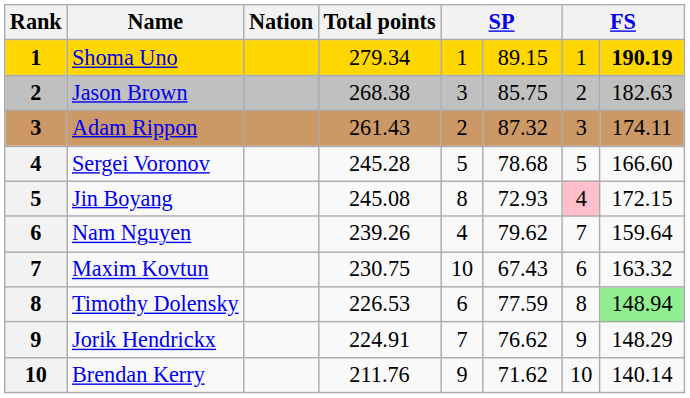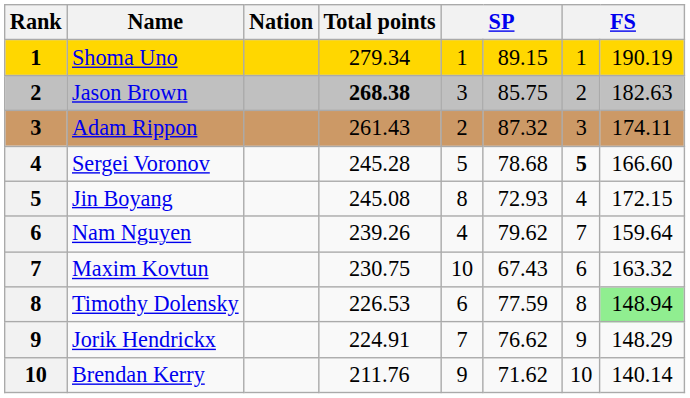 <table class="wikitable sortable">
 <tr>
 <th>Rank</th>
 <th>Name</th>
 <th>Nation</th>
 <th>Total points</th>
 <th colspan="2" width="80px"><a href='#'>SP</a></th>
 <th colspan="2" width="80px"><a href='#'>FS</a></th>
 </tr>
 <tr bgcolor="gold">
 <td align="center"><strong>1</strong></td>
 <td><a href='#'>Shoma Uno</a></td>
 <td></td>
 <td align="center">279.34</td>
 <td align="center">1</td>
 <td align="center">89.15</td>
 <td align="center">1</td>
-<td align="center"><strong>190.19</strong></td>
+<td align="center">190.19</td>
 </tr>
 <tr bgcolor="silver">
 <td align="center"><strong>2</strong></td>
 <td><a href='#'>Jason Brown</a></td>
 <td></td>
-<td align="center">268.38</td>
+<td align="center"><strong>268.38</strong></td>
 <td align="center">3</td>
 <td align="center">85.75</td>
 <td align="center">2</td>
 <td align="center">182.63</td>
 </tr>
 <tr bgcolor="cc9966">
 <td align="center"><strong>3</strong></td>
 <td><a href='#'>Adam Rippon</a></td>
 <td></td>
 <td align="center">261.43</td>
 <td align="center">2</td>
 <td align="center">87.32</td>
 <td align="center">3</td>
 <td align="center">174.11</td>
 </tr>
 <tr>
 <th>4</th>
 <td><a href='#'>Sergei Voronov</a></td>
 <td></td>
 <td align="center">245.28</td>
 <td align="center">5</td>
 <td align="center">78.68</td>
-<td align="center">5</td>
+<td align="center"><strong>5</strong></td>
 <td align="center">166.60</td>
 </tr>
 <tr>
 <th>5</th>
 <td><a href='#'>Jin Boyang</a></td>
 <td></td>
 <td align="center">245.08</td>
 <td align="center">8</td>
 <td align="center">72.93</td>
-<td align="center" style="background: pink;">4</td>
+<td align="center">4</td>
 <td align="center">172.15</td>
 </tr>
 <tr>
 <th>6</th>
 <td><a href='#'>Nam Nguyen</a></td>
 <td></td>
 <td align="center">239.26</td>
 <td align="center">4</td>
 <td align="center">79.62</td>
 <td align="center">7</td>
 <td align="center">159.64</td>
 </tr>
 <tr>
 <th>7</th>
 <td><a href='#'>Maxim Kovtun</a></td>
 <td></td>
 <td align="center">230.75</td>
 <td align="center">10</td>
 <td align="center">67.43</td>
 <td align="center">6</td>
 <td align="center">163.32</td>
 </tr>
 <tr>
 <th>8</th>
 <td><a href='#'>Timothy Dolensky</a></td>
 <td></td>
 <td align="center">226.53</td>
 <td align="center">6</td>
 <td align="center">77.59</td>
 <td align="center">8</td>
 <td align="center" style="background: lightgreen;">148.94</td>
 </tr>
 <tr>
 <th>9</th>
 <td><a href='#'>Jorik Hendrickx</a></td>
 <td></td>
 <td align="center">224.91</td>
 <td align="center">7</td>
 <td align="center">76.62</td>
 <td align="center">9</td>
 <td align="center">148.29</td>
 </tr>
 <tr>
 <th>10</th>
 <td><a href='#'>Brendan Kerry</a></td>
 <td></td>
 <td align="center">211.76</td>
 <td align="center">9</td>
 <td align="center">71.62</td>
 <td align="center">10</td>
 <td align="center">140.14</td>
 </tr>
 </table>
